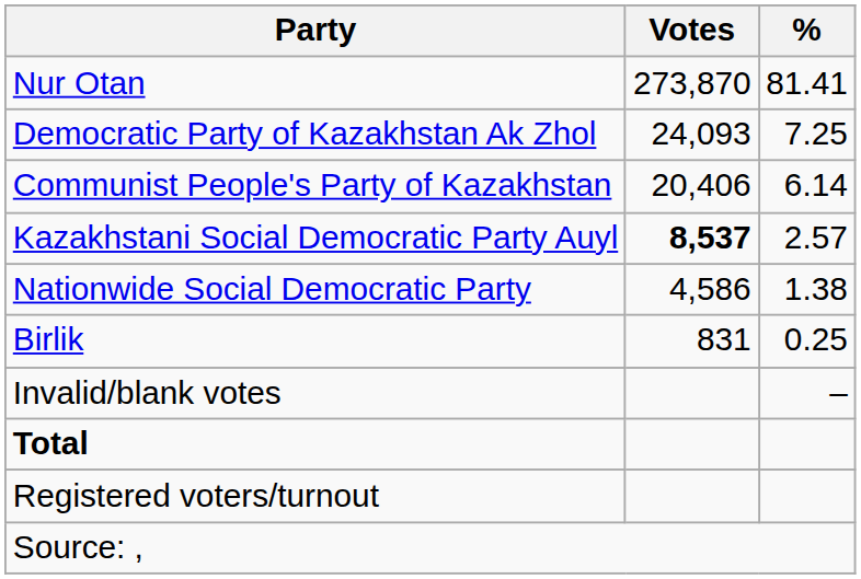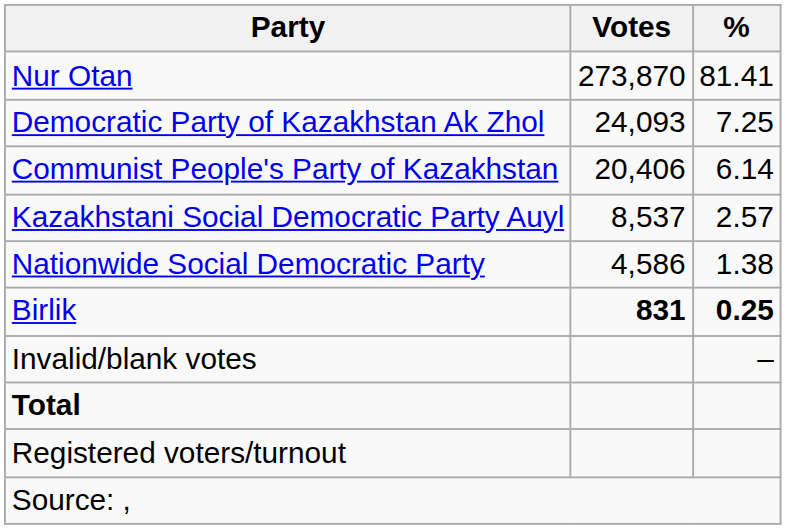 <table class=wikitable style=text-align:right>
 <tr>
 <th>Party</th>
 <th>Votes</th>
 <th>%</th>
 </tr>
 <tr>
 <td align=left><a href='#'>Nur Otan</a></td>
 <td>273,870</td>
 <td>81.41</td>
 </tr>
 <tr>
 <td align=left><a href='#'>Democratic Party of Kazakhstan Ak Zhol</a></td>
 <td>24,093</td>
 <td>7.25</td>
 </tr>
 <tr>
 <td align=left><a href='#'>Communist People's Party of Kazakhstan</a></td>
 <td>20,406</td>
 <td>6.14</td>
 </tr>
 <tr>
 <td align=left><a href='#'>Kazakhstani Social Democratic Party Auyl</a></td>
-<td><strong>8,537</strong></td>
+<td>8,537</td>
 <td>2.57</td>
 </tr>
 <tr>
 <td align=left><a href='#'>Nationwide Social Democratic Party</a></td>
 <td>4,586</td>
 <td>1.38</td>
 </tr>
 <tr>
 <td align=left><a href='#'>Birlik</a></td>
-<td>831</td>
-<td>0.25</td>
+<td><strong>831</strong></td>
+<td><strong>0.25</strong></td>
 </tr>
 <tr>
 <td align=left>Invalid/blank votes</td>
 <td></td>
 <td>–</td>
 </tr>
 <tr>
 <td align=left><strong>Total</strong></td>
 <td></td>
 <td></td>
 </tr>
 <tr>
 <td align=left>Registered voters/turnout</td>
 <td></td>
 <td></td>
 </tr>
 <tr>
 <td style="text-align:left;" colspan="5">Source: , </td>
 </tr>
 </table>
